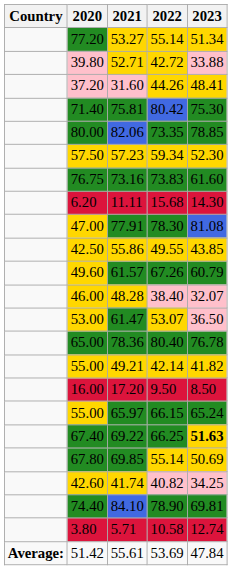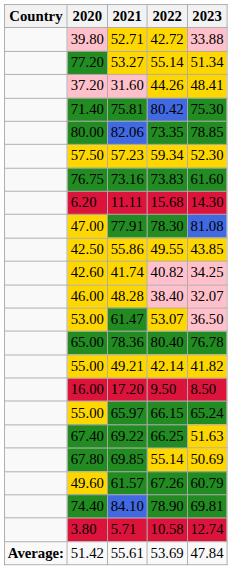 <table class="wikitable sortable mw-datatable" ;">
 <tr>
 <th>Country</th>
 <th>2020</th>
 <th>2021</th>
 <th>2022</th>
 <th>2023</th>
 </tr>
 <tr>
 <td></td>
+<td style="background:pink">39.80</td>
+<td style="background:gold">52.71 </td>
+<td style="background:gold">42.72 </td>
+<td style="background:pink">33.88 </td>
+</tr>
+<tr>
+<td></td>
 <td style="background:ForestGreen">77.20</td>
 <td style="background:gold">53.27 </td>
 <td style="background:gold">55.14 </td>
 <td style="background:gold">51.34 </td>
-</tr>
-<tr>
-<td></td>
-<td style="background:pink">39.80</td>
-<td style="background:gold">52.71 </td>
-<td style="background:gold">42.72 </td>
-<td style="background:pink">33.88 </td>
 </tr>
 <tr>
 <td></td>
 <td style="background:pink">37.20</td>
 <td style="background:pink">31.60 </td>
 <td style="background:gold">44.26 </td>
 <td style="background:gold">48.41 </td>
 </tr>
 <tr>
 <td></td>
 <td style="background:ForestGreen">71.40</td>
 <td style="background:ForestGreen">75.81 </td>
 <td style="background:RoyalBlue">80.42 </td>
 <td style="background:ForestGreen">75.30 </td>
 </tr>
 <tr>
 <td></td>
 <td style="background:ForestGreen">80.00</td>
 <td style="background:RoyalBlue">82.06 </td>
 <td style="background:ForestGreen">73.35 </td>
 <td style="background:ForestGreen">78.85 </td>
 </tr>
 <tr>
 <td></td>
 <td style="background:gold">57.50</td>
 <td style="background:gold">57.23 </td>
 <td style="background:gold">59.34 </td>
 <td style="background:gold">52.30 </td>
 </tr>
 <tr>
 <td></td>
 <td style="background:ForestGreen">76.75</td>
 <td style="background:ForestGreen">73.16 </td>
 <td style="background:ForestGreen">73.83 </td>
 <td style="background:ForestGreen">61.60 </td>
 </tr>
 <tr>
 <td></td>
 <td style="background:crimson">6.20</td>
 <td style="background:crimson">11.11 </td>
 <td style="background:crimson">15.68 </td>
 <td style="background:crimson">14.30 </td>
 </tr>
 <tr>
 <td></td>
 <td style="background:gold">47.00</td>
 <td style="background:ForestGreen">77.91 </td>
 <td style="background:ForestGreen">78.30 </td>
 <td style="background:RoyalBlue">81.08 </td>
 </tr>
 <tr>
 <td></td>
 <td style="background:gold">42.50</td>
 <td style="background:gold">55.86 </td>
 <td style="background:gold">49.55 </td>
 <td style="background:gold">43.85 </td>
 </tr>
 <tr>
 <td></td>
-<td style="background:gold">49.60</td>
-<td style="background:ForestGreen">61.57 </td>
-<td style="background:ForestGreen">67.26 </td>
-<td style="background:ForestGreen">60.79 </td>
+<td style="background:gold">42.60</td>
+<td style="background:gold">41.74 </td>
+<td style="background:pink">40.82 </td>
+<td style="background:pink">34.25 </td>
 </tr>
 <tr>
 <td></td>
 <td style="background:gold">46.00</td>
 <td style="background:gold">48.28 </td>
 <td style="background:pink">38.40 </td>
 <td style="background:pink">32.07 </td>
 </tr>
 <tr>
 <td></td>
 <td style="background:gold">53.00</td>
 <td style="background:ForestGreen">61.47 </td>
 <td style="background:gold">53.07 </td>
 <td style="background:pink">36.50 </td>
 </tr>
 <tr>
 <td></td>
 <td style="background:ForestGreen">65.00</td>
 <td style="background:ForestGreen">78.36 </td>
 <td style="background:ForestGreen">80.40 </td>
 <td style="background:ForestGreen">76.78 </td>
 </tr>
 <tr>
 <td></td>
 <td style="background:gold">55.00</td>
 <td style="background:gold">49.21 </td>
 <td style="background:gold">42.14 </td>
 <td style="background:gold">41.82 </td>
 </tr>
 <tr>
 <td></td>
 <td style="background:crimson">16.00</td>
 <td style="background:crimson">17.20 </td>
 <td style="background:crimson">9.50 </td>
 <td style="background:crimson">8.50 </td>
 </tr>
 <tr>
 <td></td>
 <td style="background:gold">55.00</td>
 <td style="background:ForestGreen">65.97 </td>
 <td style="background:ForestGreen">66.15 </td>
 <td style="background:ForestGreen">65.24 </td>
 </tr>
 <tr>
 <td></td>
 <td style="background:ForestGreen">67.40</td>
 <td style="background:ForestGreen">69.22 </td>
 <td style="background:ForestGreen">66.25 </td>
-<td style="background:gold"><strong>51.63 </strong></td>
+<td style="background:gold">51.63 </td>
 </tr>
 <tr>
 <td></td>
 <td style="background:ForestGreen">67.80</td>
 <td style="background:ForestGreen">69.85 </td>
 <td style="background:gold">55.14 </td>
 <td style="background:gold">50.69 </td>
 </tr>
 <tr>
 <td></td>
-<td style="background:gold">42.60</td>
-<td style="background:gold">41.74 </td>
-<td style="background:pink">40.82 </td>
-<td style="background:pink">34.25 </td>
+<td style="background:gold">49.60</td>
+<td style="background:ForestGreen">61.57 </td>
+<td style="background:ForestGreen">67.26 </td>
+<td style="background:ForestGreen">60.79 </td>
 </tr>
 <tr>
 <td></td>
 <td style="background:ForestGreen">74.40</td>
 <td style="background:RoyalBlue">84.10 </td>
 <td style="background:ForestGreen">78.90 </td>
 <td style="background:ForestGreen">69.81 </td>
 </tr>
 <tr>
 <td></td>
 <td style="background:crimson">3.80</td>
 <td style="background:crimson">5.71 </td>
 <td style="background:crimson">10.58 </td>
 <td style="background:crimson">12.74 </td>
 </tr>
 <tr>
 <td><strong>Average:</strong></td>
 <td>51.42</td>
 <td>55.61 </td>
 <td>53.69 </td>
 <td>47.84 </td>
 </tr>
 </table>
